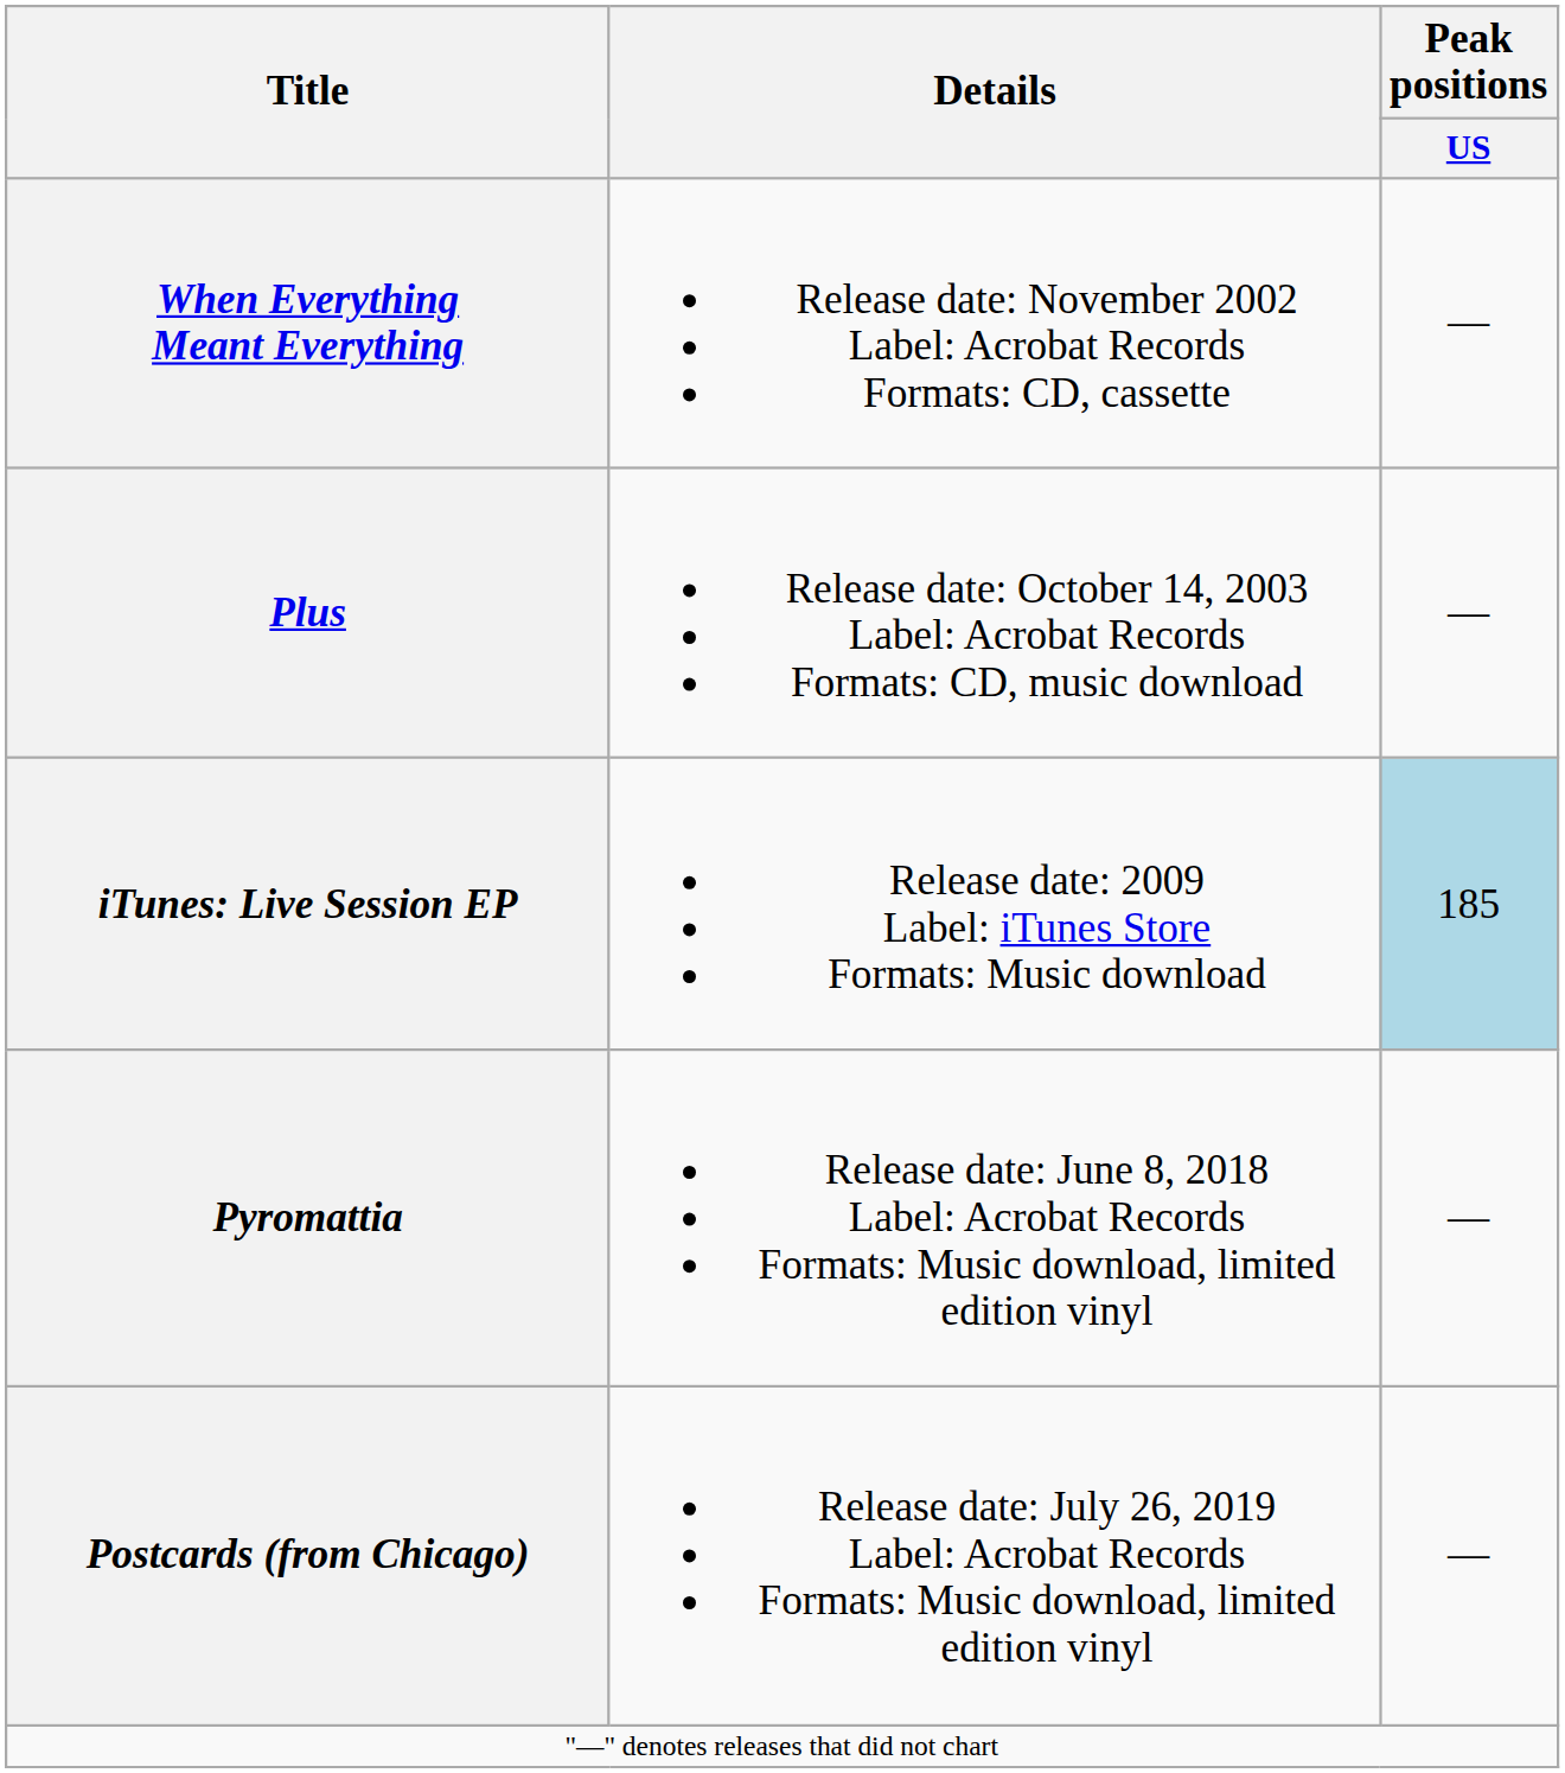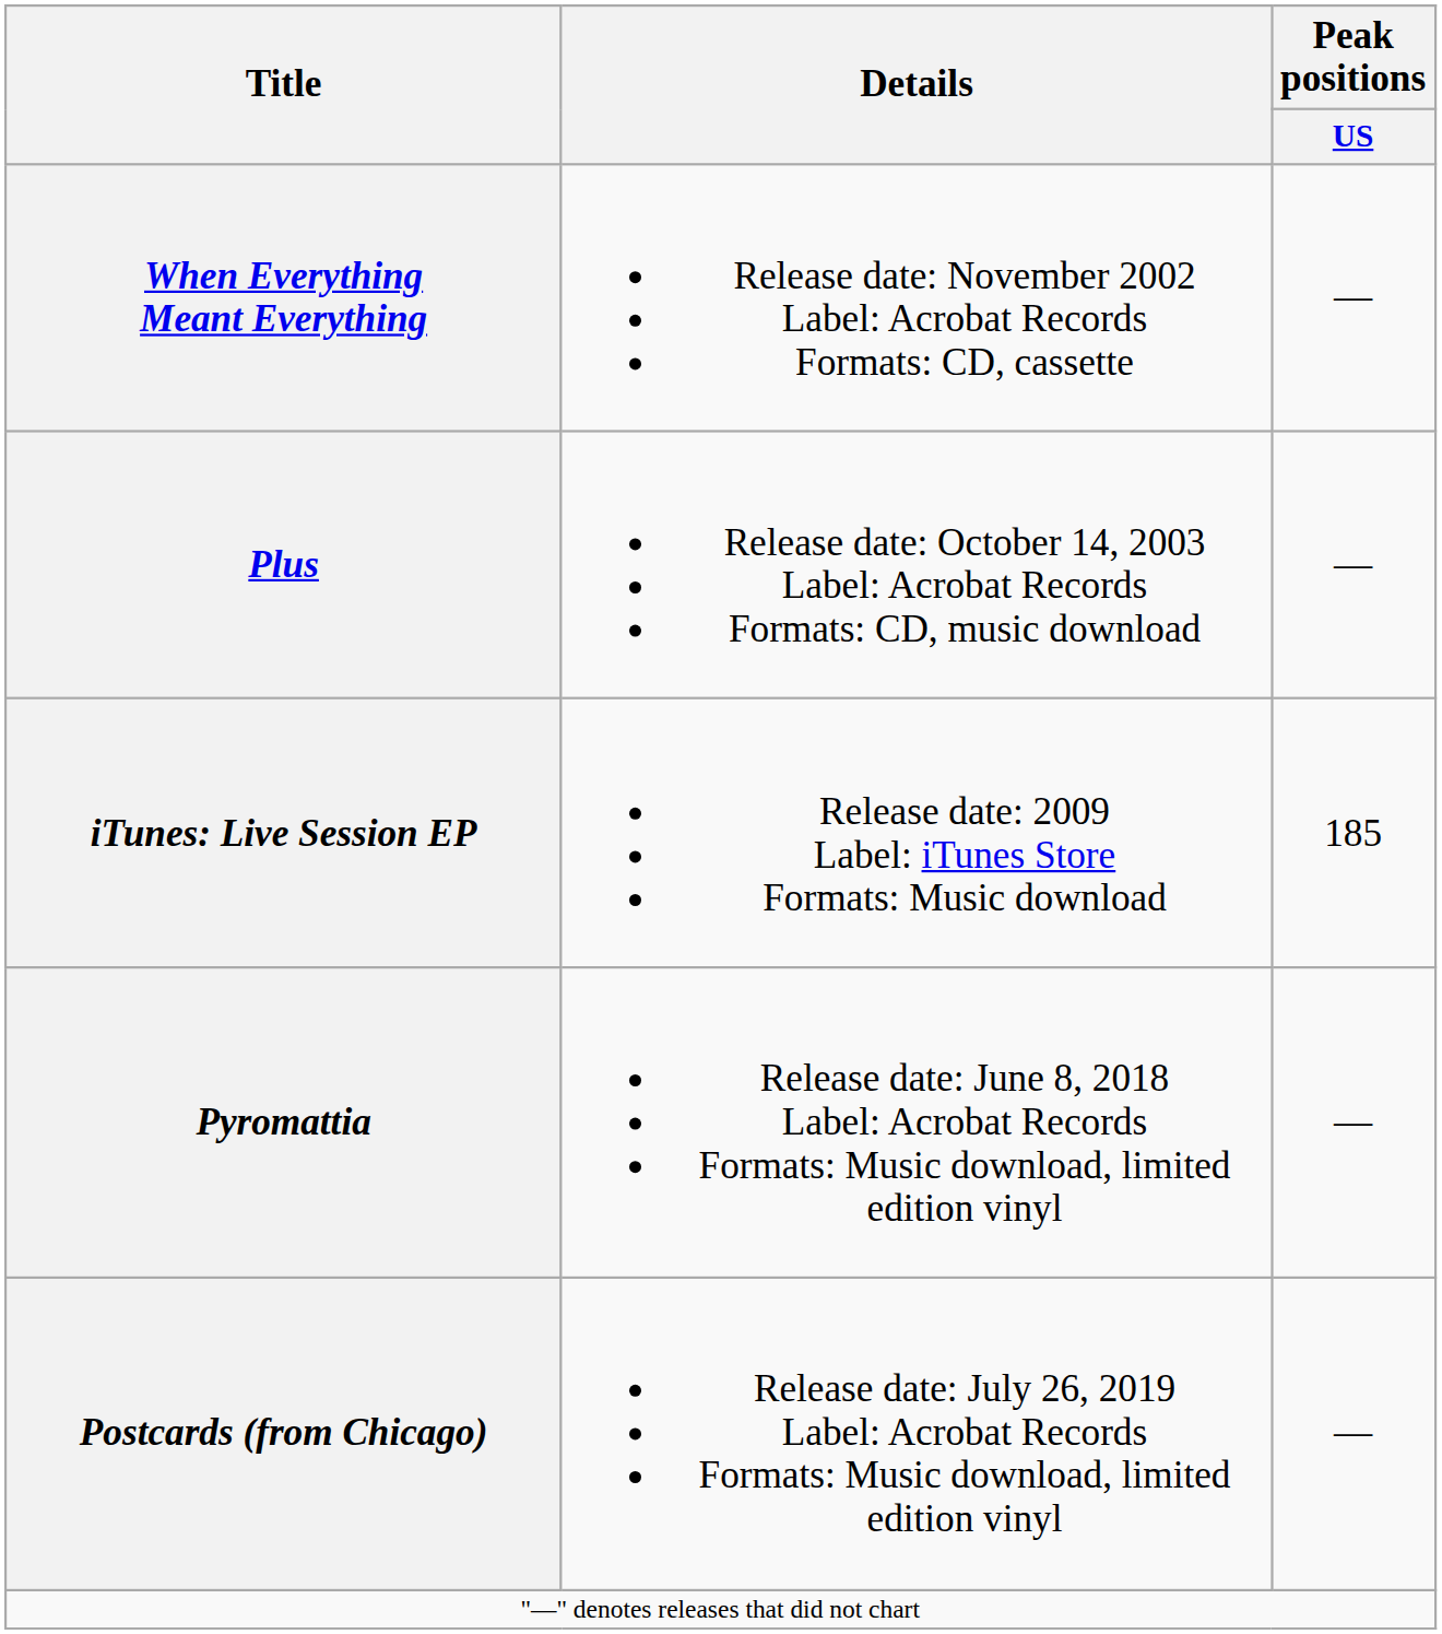 <table class="wikitable plainrowheaders" style="text-align:center;">
 <tr>
 <th rowspan="2" style="width:14em;">Title</th>
 <th rowspan="2" style="width:18em;">Details</th>
 <th>Peak positions</th>
 </tr>
 <tr style="font-size:smaller;">
 <th style="width:50px;"><a href='#'>US</a><br></th>
 </tr>
 <tr>
 <th scope="row"><em><a href='#'>When Everything<br>Meant Everything</a></em></th>
 <td><br><ul><li>Release date: November 2002</li><li>Label: Acrobat Records</li><li>Formats: CD, cassette</li></ul></td>
 <td>—</td>
 </tr>
 <tr>
 <th scope="row"><em><a href='#'>Plus</a></em></th>
 <td><br><ul><li>Release date: October 14, 2003</li><li>Label: Acrobat Records</li><li>Formats: CD, music download</li></ul></td>
 <td>—</td>
 </tr>
 <tr>
 <th scope="row"><em>iTunes: Live Session EP</em></th>
 <td><br><ul><li>Release date: 2009</li><li>Label: <a href='#'>iTunes Store</a></li><li>Formats: Music download</li></ul></td>
-<td style="background: lightblue;">185</td>
+<td>185</td>
 </tr>
 <tr>
 <th scope="row"><em>Pyromattia</em></th>
 <td><br><ul><li>Release date: June 8, 2018</li><li>Label: Acrobat Records</li><li>Formats: Music download, limited edition vinyl</li></ul></td>
 <td>—</td>
 </tr>
 <tr>
 <th scope="row"><em>Postcards (from Chicago)</em></th>
 <td><br><ul><li>Release date: July 26, 2019</li><li>Label: Acrobat Records</li><li>Formats: Music download, limited edition vinyl</li></ul></td>
 <td>—</td>
 </tr>
 <tr>
 <td colspan="10" style="font-size:8pt">"—" denotes releases that did not chart</td>
 </tr>
 </table>
